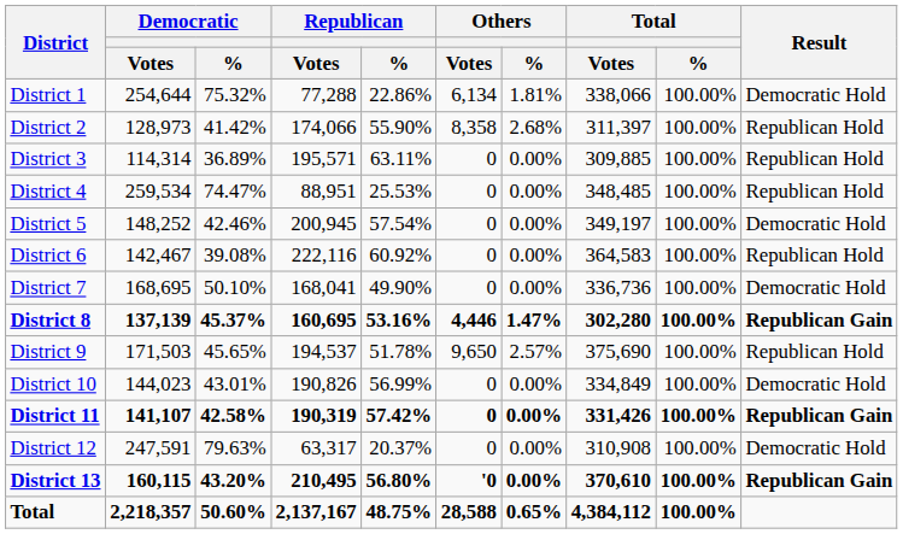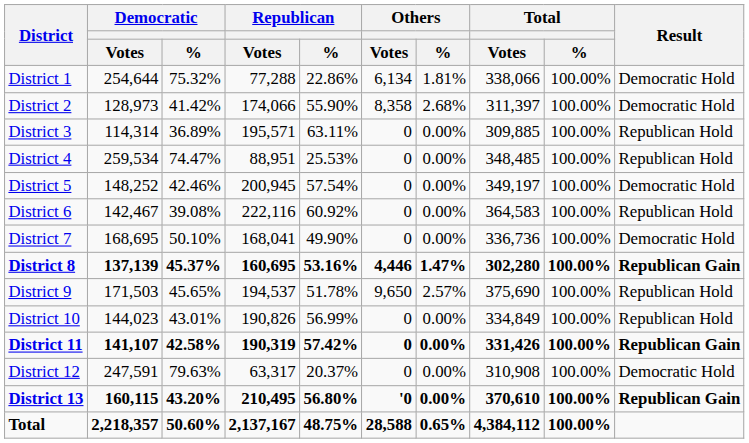 <table class="wikitable plainrowheaders sortable" style="font-size:100%; text-align:right;">
 <tr>
 <th scope=col rowspan=3><a href='#'>District</a></th>
 <th scope=col colspan=2><a href='#'>Democratic</a></th>
 <th scope=col colspan=2><a href='#'>Republican</a></th>
 <th scope=col colspan=2>Others</th>
 <th scope=col colspan=2>Total</th>
 <th scope=col rowspan=3>Result</th>
 </tr>
 <tr>
 <th scope=col colspan=2 style="background:"></th>
 <th scope=col colspan=2 style="background:"></th>
 <th scope=col colspan=2></th>
 <th scope=col colspan=2></th>
 </tr>
 <tr>
 <th scope=col data-sort-type="number">Votes</th>
 <th scope=col data-sort-type="number">%</th>
 <th scope=col data-sort-type="number">Votes</th>
 <th scope=col data-sort-type="number">%</th>
 <th scope=col data-sort-type="number">Votes</th>
 <th scope=col data-sort-type="number">%</th>
 <th scope=col data-sort-type="number">Votes</th>
 <th scope=col data-sort-type="number">%</th>
 </tr>
 <tr>
 <td align=left><a href='#'>District 1</a></td>
 <td>254,644</td>
 <td>75.32%</td>
 <td>77,288</td>
 <td>22.86%</td>
 <td>6,134</td>
 <td>1.81%</td>
 <td>338,066</td>
 <td>100.00%</td>
 <td align=left>Democratic Hold</td>
 </tr>
 <tr>
 <td align=left><a href='#'>District 2</a></td>
 <td>128,973</td>
 <td>41.42%</td>
 <td>174,066</td>
 <td>55.90%</td>
 <td>8,358</td>
 <td>2.68%</td>
 <td>311,397</td>
 <td>100.00%</td>
-<td align=left>Republican Hold</td>
+<td align=left>Democratic Hold</td>
 </tr>
 <tr>
 <td align=left><a href='#'>District 3</a></td>
 <td>114,314</td>
 <td>36.89%</td>
 <td>195,571</td>
 <td>63.11%</td>
 <td>0</td>
 <td>0.00%</td>
 <td>309,885</td>
 <td>100.00%</td>
 <td align=left>Republican Hold</td>
 </tr>
 <tr>
 <td align=left><a href='#'>District 4</a></td>
 <td>259,534</td>
 <td>74.47%</td>
 <td>88,951</td>
 <td>25.53%</td>
 <td>0</td>
 <td>0.00%</td>
 <td>348,485</td>
 <td>100.00%</td>
 <td align=left>Republican Hold</td>
 </tr>
 <tr>
 <td align=left><a href='#'>District 5</a></td>
 <td>148,252</td>
 <td>42.46%</td>
 <td>200,945</td>
 <td>57.54%</td>
 <td>0</td>
 <td>0.00%</td>
 <td>349,197</td>
 <td>100.00%</td>
 <td align=left>Democratic Hold</td>
 </tr>
 <tr>
 <td align=left><a href='#'>District 6</a></td>
 <td>142,467</td>
 <td>39.08%</td>
 <td>222,116</td>
 <td>60.92%</td>
 <td>0</td>
 <td>0.00%</td>
 <td>364,583</td>
 <td>100.00%</td>
 <td align=left>Republican Hold</td>
 </tr>
 <tr>
 <td align=left><a href='#'>District 7</a></td>
 <td>168,695</td>
 <td>50.10%</td>
 <td>168,041</td>
 <td>49.90%</td>
 <td>0</td>
 <td>0.00%</td>
 <td>336,736</td>
 <td>100.00%</td>
 <td align=left>Democratic Hold</td>
 </tr>
 <tr>
 <td align=left><strong><a href='#'>District 8</a></strong></td>
 <td><strong>137,139</strong></td>
 <td><strong>45.37%</strong></td>
 <td><strong>160,695</strong></td>
 <td><strong>53.16%</strong></td>
 <td><strong>4,446</strong></td>
 <td><strong>1.47%</strong></td>
 <td><strong>302,280</strong></td>
 <td><strong>100.00%</strong></td>
 <td align=left><strong>Republican Gain</strong></td>
 </tr>
 <tr>
 <td align=left><a href='#'>District 9</a></td>
 <td>171,503</td>
 <td>45.65%</td>
 <td>194,537</td>
 <td>51.78%</td>
 <td>9,650</td>
 <td>2.57%</td>
 <td>375,690</td>
 <td>100.00%</td>
 <td align=left>Republican Hold</td>
 </tr>
 <tr>
 <td align=left><a href='#'>District 10</a></td>
 <td>144,023</td>
 <td>43.01%</td>
 <td>190,826</td>
 <td>56.99%</td>
 <td>0</td>
 <td>0.00%</td>
 <td>334,849</td>
 <td>100.00%</td>
-<td align=left>Democratic Hold</td>
+<td align=left>Republican Hold</td>
 </tr>
 <tr>
 <td align=left><strong><a href='#'>District 11</a></strong></td>
 <td><strong>141,107</strong></td>
 <td><strong>42.58%</strong></td>
 <td><strong>190,319</strong></td>
 <td><strong>57.42%</strong></td>
 <td><strong>0</strong></td>
 <td><strong>0.00%</strong></td>
 <td><strong>331,426</strong></td>
 <td><strong>100.00%</strong></td>
 <td align=left><strong>Republican Gain</strong></td>
 </tr>
 <tr>
 <td align=left><a href='#'>District 12</a></td>
 <td>247,591</td>
 <td>79.63%</td>
 <td>63,317</td>
 <td>20.37%</td>
 <td>0</td>
 <td>0.00%</td>
 <td>310,908</td>
 <td>100.00%</td>
 <td align=left>Democratic Hold</td>
 </tr>
 <tr>
 <td align=left><strong><a href='#'>District 13</a></strong></td>
 <td><strong>160,115</strong></td>
 <td><strong>43.20%</strong></td>
 <td><strong>210,495</strong></td>
 <td><strong>56.80%</strong></td>
 <td><strong>'0</strong></td>
 <td><strong>0.00%</strong></td>
 <td><strong>370,610</strong></td>
 <td><strong>100.00%</strong></td>
 <td align=left><strong>Republican Gain</strong></td>
 </tr>
 <tr class="sortbottom" style="font-weight:bold">
 <td align=left>Total</td>
 <td>2,218,357</td>
 <td>50.60%</td>
 <td>2,137,167</td>
 <td>48.75%</td>
 <td>28,588</td>
 <td>0.65%</td>
 <td>4,384,112</td>
 <td>100.00%</td>
 <td></td>
 </tr>
 </table>
